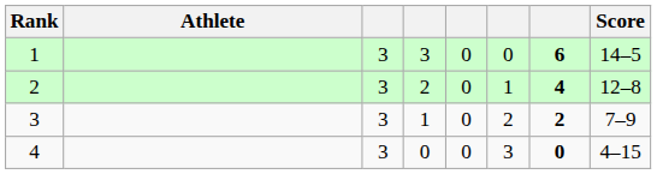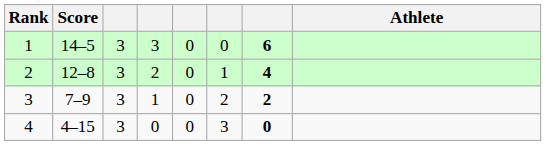 <table class="wikitable" style="text-align: center;">
 <tr>
 <th width=25>Rank</th>
-<th width=225>Athlete</th>
+<th width=40>Score</th>
 <th width=25></th>
 <th width=25></th>
 <th width=25></th>
 <th width=25></th>
 <th width=40></th>
-<th width=40>Score</th>
+<th width=225>Athlete</th>
 </tr>
 <tr bgcolor=ccffcc>
 <td>1</td>
-<td align=left></td>
+<td>14–5</td>
 <td>3</td>
 <td>3</td>
 <td>0</td>
 <td>0</td>
 <td><strong>6</strong></td>
-<td>14–5</td>
+<td align=left></td>
 </tr>
 <tr bgcolor=ccffcc>
 <td>2</td>
-<td align=left></td>
+<td>12–8</td>
 <td>3</td>
 <td>2</td>
 <td>0</td>
 <td>1</td>
 <td><strong>4</strong></td>
-<td>12–8</td>
+<td align=left></td>
 </tr>
 <tr>
 <td>3</td>
-<td align=left></td>
+<td>7–9</td>
 <td>3</td>
 <td>1</td>
 <td>0</td>
 <td>2</td>
 <td><strong>2</strong></td>
-<td>7–9</td>
+<td align=left></td>
 </tr>
 <tr>
 <td>4</td>
-<td align=left></td>
+<td>4–15</td>
 <td>3</td>
 <td>0</td>
 <td>0</td>
 <td>3</td>
 <td><strong>0</strong></td>
-<td>4–15</td>
+<td align=left></td>
 </tr>
 </table>
